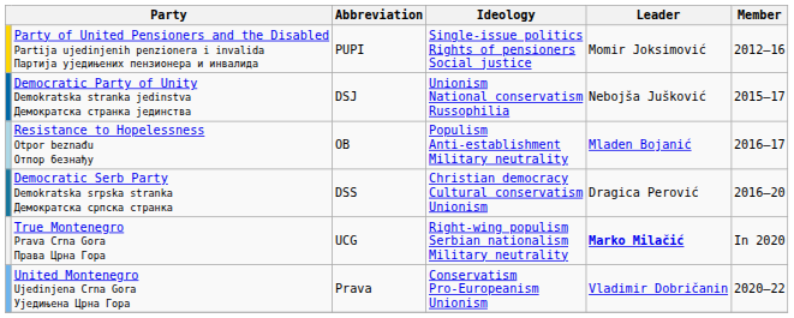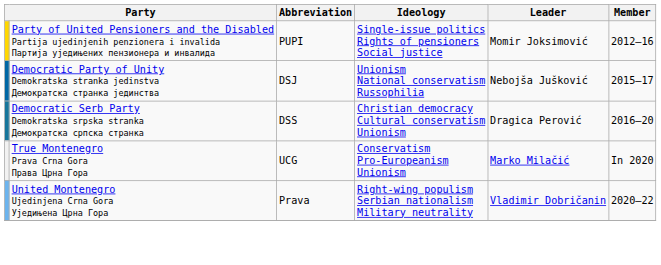 <table class="wikitable">
 <tr>
 <th colspan=2>Party</th>
 <th>Abbreviation</th>
 <th>Ideology</th>
 <th>Leader</th>
 <th>Member</th>
 </tr>
 <tr>
 <th style="background-color:#FFD700;"></th>
 <td><a href='#'>Party of United Pensioners and the Disabled</a><br><small>Partija ujedinjenih penzionera i invalida<br>Партија уједињених пензионера и инвалида</small></td>
 <td>PUPI</td>
 <td><a href='#'>Single-issue politics</a><br><a href='#'>Rights of pensioners</a><br><a href='#'>Social justice</a></td>
 <td>Momir Joksimović</td>
 <td>2012–16</td>
 </tr>
 <tr>
 <th style="background-color:#0067A5;"></th>
 <td><a href='#'>Democratic Party of Unity</a><br><small>Demokratska stranka jedinstva<br>Демократска странка јединства</small></td>
 <td>DSJ</td>
 <td><a href='#'>Unionism</a><br><a href='#'>National conservatism</a><br><a href='#'>Russophilia</a></td>
 <td>Nebojša Jušković</td>
 <td>2015–17</td>
 </tr>
 <tr>
-<th style="background:lightblue;"></th>
-<td><a href='#'>Resistance to Hopelessness</a><br><small>Otpor beznađu<br>Отпор безнађу</small></td>
-<td>OB</td>
-<td><a href='#'>Populism</a><br><a href='#'>Anti-establishment</a><br><a href='#'>Military neutrality</a></td>
-<td><a href='#'>Mladen Bojanić</a></td>
-<td>2016–17</td>
-</tr>
-<tr>
 <th style="background:#16769c;"></th>
 <td><a href='#'>Democratic Serb Party</a><br><small>Demokratska srpska stranka<br>Демократска српска странка</small></td>
 <td>DSS</td>
 <td><a href='#'>Christian democracy</a><br><a href='#'>Cultural conservatism</a><br><a href='#'>Unionism</a></td>
 <td>Dragica Perović</td>
 <td>2016–20</td>
 </tr>
 <tr>
 <th style="background:"></th>
 <td><a href='#'>True Montenegro</a><br><small>Prava Crna Gora<br>Права Црна Гора</small></td>
 <td>UCG</td>
-<td><a href='#'>Right-wing populism</a><br><a href='#'>Serbian nationalism</a><br><a href='#'>Military neutrality</a></td>
-<td><strong><a href='#'>Marko Milačić</a></strong></td>
+<td><a href='#'>Conservatism</a><br><a href='#'>Pro-Europeanism</a><br><a href='#'>Unionism</a></td>
+<td><a href='#'>Marko Milačić</a></td>
 <td>In 2020</td>
 </tr>
 <tr>
 <th style="background:#6CB4EE;"></th>
 <td><a href='#'>United Montenegro</a><br><small>Ujedinjena Crna Gora<br>Уједињена Црна Гора</small></td>
 <td>Prava</td>
-<td><a href='#'>Conservatism</a><br><a href='#'>Pro-Europeanism</a><br><a href='#'>Unionism</a></td>
+<td><a href='#'>Right-wing populism</a><br><a href='#'>Serbian nationalism</a><br><a href='#'>Military neutrality</a></td>
 <td><a href='#'>Vladimir Dobričanin</a></td>
 <td>2020–22</td>
 </tr>
 <tr>
 </tr>
 </table>
